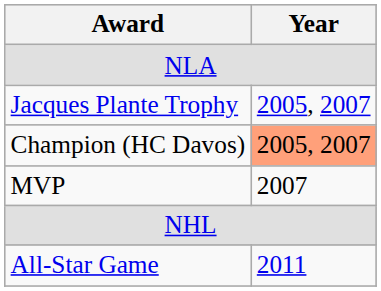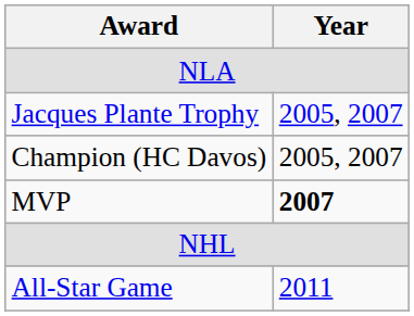 <table class="wikitable">
 <tr>
 <th>Award</th>
 <th>Year</th>
 </tr>
 <tr ALIGN="center" bgcolor="#e0e0e0">
 <td colspan="3"><a href='#'>NLA</a></td>
 </tr>
 <tr>
 <td><a href='#'>Jacques Plante Trophy</a></td>
 <td><a href='#'>2005</a>, <a href='#'>2007</a></td>
 </tr>
 <tr>
 <td>Champion (HC Davos)</td>
-<td style="background: lightsalmon;">2005, 2007</td>
+<td>2005, 2007</td>
 </tr>
 <tr>
 <td>MVP</td>
-<td>2007</td>
+<td><strong>2007</strong></td>
 </tr>
 <tr ALIGN="center" bgcolor="#e0e0e0">
 <td colspan="3"><a href='#'>NHL</a></td>
 </tr>
 <tr>
 <td><a href='#'>All-Star Game</a></td>
 <td><a href='#'>2011</a></td>
 </tr>
 </table>
